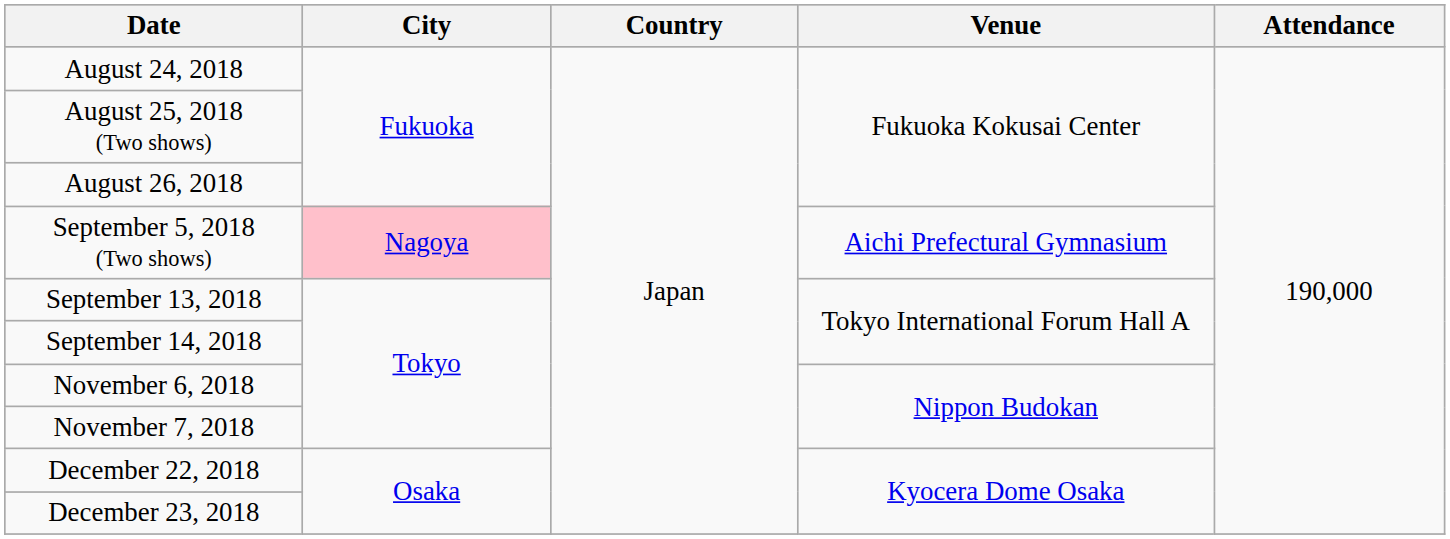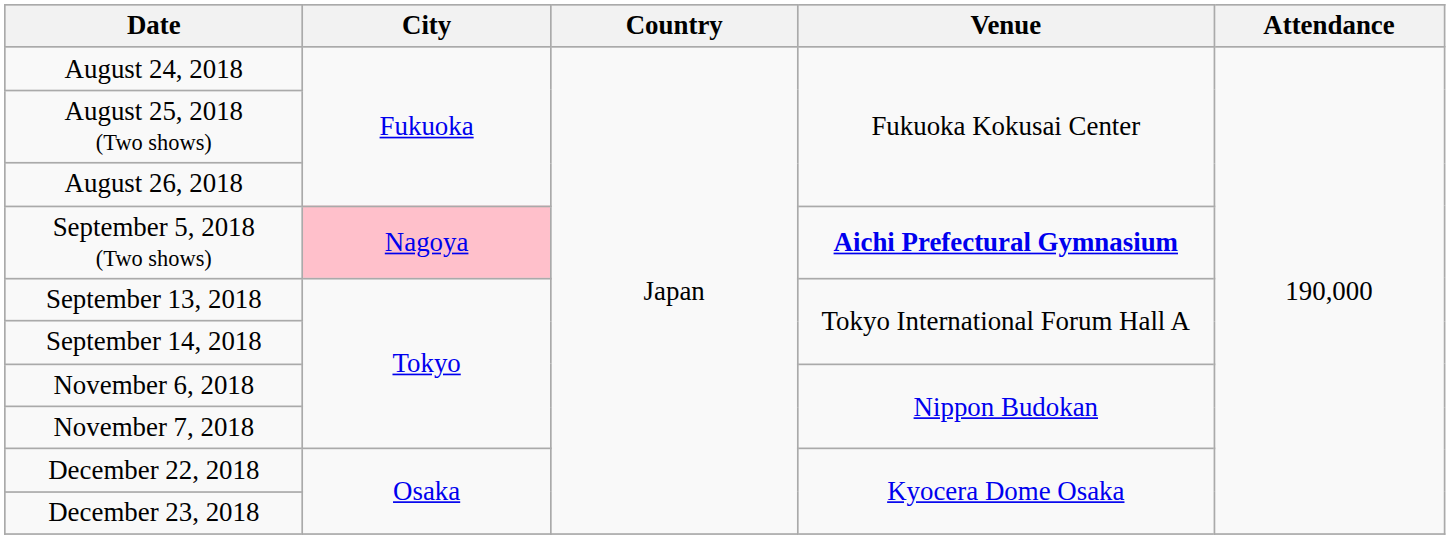 <table class="wikitable" style="text-align:center;">
 <tr>
 <th width="170">Date</th>
 <th width="140">City</th>
 <th width="140">Country</th>
 <th width="240">Venue</th>
 <th width="130">Attendance</th>
 </tr>
 <tr>
 <td>August 24, 2018</td>
 <td rowspan="3"><a href='#'>Fukuoka</a></td>
 <td rowspan="10">Japan</td>
 <td rowspan="3">Fukuoka Kokusai Center</td>
 <td rowspan="10">190,000</td>
 </tr>
 <tr>
 <td>August 25, 2018<br><small>(Two shows)</small></td>
 </tr>
 <tr>
 <td>August 26, 2018</td>
 </tr>
 <tr>
 <td>September 5, 2018<br><small>(Two shows)</small></td>
 <td style="background: pink;"><a href='#'>Nagoya</a></td>
-<td><a href='#'>Aichi Prefectural Gymnasium</a></td>
+<td><strong><a href='#'>Aichi Prefectural Gymnasium</a></strong></td>
 </tr>
 <tr>
 <td>September 13, 2018</td>
 <td rowspan="4"><a href='#'>Tokyo</a></td>
 <td rowspan="2">Tokyo International Forum Hall A</td>
 </tr>
 <tr>
 <td>September 14, 2018</td>
 </tr>
 <tr>
 <td>November 6, 2018</td>
 <td rowspan="2"><a href='#'>Nippon Budokan</a></td>
 </tr>
 <tr>
 <td>November 7, 2018</td>
 </tr>
 <tr>
 <td>December 22, 2018</td>
 <td rowspan="2"><a href='#'>Osaka</a></td>
 <td rowspan="2"><a href='#'>Kyocera Dome Osaka</a></td>
 </tr>
 <tr>
 <td>December 23, 2018</td>
 </tr>
 </table>
